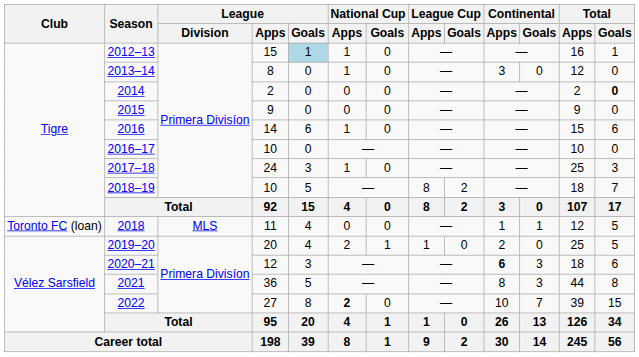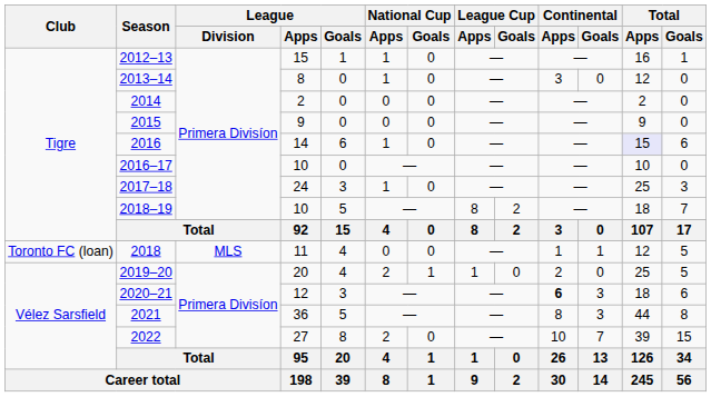 <table class="wikitable" style="text-align: center;">
 <tr>
 <th rowspan="2">Club</th>
 <th rowspan="2">Season</th>
 <th colspan="3">League</th>
 <th colspan="2">National Cup</th>
 <th colspan="2">League Cup</th>
 <th colspan="2">Continental</th>
 <th colspan="2">Total</th>
 </tr>
 <tr>
 <th>Division</th>
 <th>Apps</th>
 <th>Goals</th>
 <th>Apps</th>
 <th>Goals</th>
 <th>Apps</th>
 <th>Goals</th>
 <th>Apps</th>
 <th>Goals</th>
 <th>Apps</th>
 <th>Goals</th>
 </tr>
 <tr>
 <td rowspan="9" valign="centre"><a href='#'>Tigre</a></td>
 <td><a href='#'>2012–13</a></td>
 <td rowspan="8"><a href='#'>Primera Divisíon</a></td>
 <td>15</td>
-<td style="background: lightblue;">1</td>
+<td>1</td>
 <td>1</td>
 <td>0</td>
 <td colspan="2">—</td>
 <td colspan="2">—</td>
 <td>16</td>
 <td>1</td>
 </tr>
 <tr>
 <td><a href='#'>2013–14</a></td>
 <td>8</td>
 <td>0</td>
 <td>1</td>
 <td>0</td>
 <td colspan="2">—</td>
 <td>3</td>
 <td>0</td>
 <td>12</td>
 <td>0</td>
 </tr>
 <tr>
 <td><a href='#'>2014</a></td>
 <td>2</td>
 <td>0</td>
 <td>0</td>
 <td>0</td>
 <td colspan="2">—</td>
 <td colspan="2">—</td>
 <td>2</td>
-<td><strong>0</strong></td>
+<td>0</td>
 </tr>
 <tr>
 <td><a href='#'>2015</a></td>
 <td>9</td>
 <td>0</td>
 <td>0</td>
 <td>0</td>
 <td colspan="2">—</td>
 <td colspan="2">—</td>
 <td>9</td>
 <td>0</td>
 </tr>
 <tr>
 <td><a href='#'>2016</a></td>
 <td>14</td>
 <td>6</td>
 <td>1</td>
 <td>0</td>
 <td colspan="2">—</td>
 <td colspan="2">—</td>
-<td>15</td>
+<td style="background: lavender;">15</td>
 <td>6</td>
 </tr>
 <tr>
 <td><a href='#'>2016–17</a></td>
 <td>10</td>
 <td>0</td>
 <td colspan="2">—</td>
 <td colspan="2">—</td>
 <td colspan="2">—</td>
 <td>10</td>
 <td>0</td>
 </tr>
 <tr>
 <td><a href='#'>2017–18</a></td>
 <td>24</td>
 <td>3</td>
 <td>1</td>
 <td>0</td>
 <td colspan="2">—</td>
 <td colspan="2">—</td>
 <td>25</td>
 <td>3</td>
 </tr>
 <tr>
 <td><a href='#'>2018–19</a></td>
 <td>10</td>
 <td>5</td>
 <td colspan="2">—</td>
 <td>8</td>
 <td>2</td>
 <td colspan="2">—</td>
 <td>18</td>
 <td>7</td>
 </tr>
 <tr>
 <th colspan="2">Total</th>
 <th>92</th>
 <th>15</th>
 <th>4</th>
 <th>0</th>
 <th>8</th>
 <th>2</th>
 <th>3</th>
 <th>0</th>
 <th>107</th>
 <th>17</th>
 </tr>
 <tr>
 <td rowspan="1" valign="centre"><a href='#'>Toronto FC</a> (loan)</td>
 <td><a href='#'>2018</a></td>
 <td rowspan="1"><a href='#'>MLS</a></td>
 <td>11</td>
 <td>4</td>
 <td>0</td>
 <td>0</td>
 <td colspan="2">—</td>
 <td>1</td>
 <td>1</td>
 <td>12</td>
 <td>5</td>
 </tr>
 <tr>
 <td rowspan="5" valign="centre"><a href='#'>Vélez Sarsfield</a></td>
 <td><a href='#'>2019–20</a></td>
 <td rowspan="4"><a href='#'>Primera Divisíon</a></td>
 <td>20</td>
 <td>4</td>
 <td>2</td>
 <td>1</td>
 <td>1</td>
 <td>0</td>
 <td>2</td>
 <td>0</td>
 <td>25</td>
 <td>5</td>
 </tr>
 <tr>
 <td><a href='#'>2020–21</a></td>
 <td>12</td>
 <td>3</td>
 <td colspan="2">—</td>
 <td colspan="2">—</td>
 <td><strong>6</strong></td>
 <td>3</td>
 <td>18</td>
 <td>6</td>
 </tr>
 <tr>
 <td><a href='#'>2021</a></td>
 <td>36</td>
 <td>5</td>
 <td colspan="2">—</td>
 <td colspan="2">—</td>
 <td>8</td>
 <td>3</td>
 <td>44</td>
 <td>8</td>
 </tr>
 <tr>
 <td><a href='#'>2022</a></td>
 <td>27</td>
 <td>8</td>
-<td><strong>2</strong></td>
+<td>2</td>
 <td>0</td>
 <td colspan="2">—</td>
 <td>10</td>
 <td>7</td>
 <td>39</td>
 <td>15</td>
 </tr>
 <tr>
 <th colspan="2">Total</th>
 <th>95</th>
 <th>20</th>
 <th>4</th>
 <th>1</th>
 <th>1</th>
 <th>0</th>
 <th>26</th>
 <th>13</th>
 <th>126</th>
 <th>34</th>
 </tr>
 <tr>
 <th colspan="3">Career total</th>
 <th>198</th>
 <th>39</th>
 <th>8</th>
 <th>1</th>
 <th>9</th>
 <th>2</th>
 <th>30</th>
 <th>14</th>
 <th>245</th>
 <th>56</th>
 </tr>
 </table>
